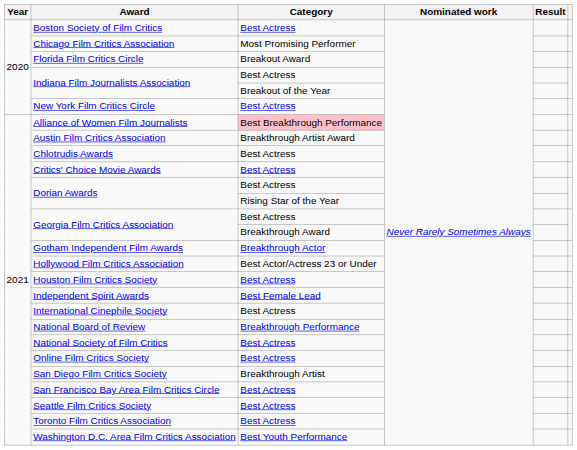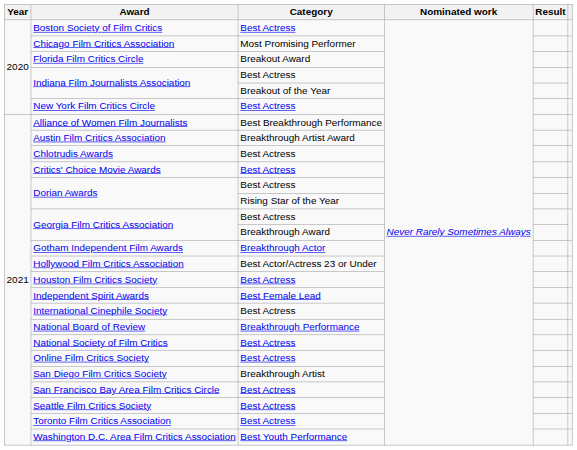 <table class="wikitable sortable">
 <tr>
 <th>Year</th>
 <th>Award</th>
 <th>Category</th>
 <th>Nominated work</th>
 <th>Result</th>
 <th></th>
 </tr>
 <tr>
 <td rowspan=6 style="text-align:center;">2020</td>
 <td><a href='#'>Boston Society of Film Critics</a></td>
 <td><a href='#'>Best Actress</a></td>
 <td rowspan=27 style="text-align: center;"><em><a href='#'>Never Rarely Sometimes Always</a></em></td>
 <td></td>
 <td style="text-align:center;"></td>
 </tr>
 <tr>
 <td><a href='#'>Chicago Film Critics Association</a></td>
 <td>Most Promising Performer</td>
 <td></td>
 <td style="text-align:center;"></td>
 </tr>
 <tr>
 <td><a href='#'>Florida Film Critics Circle</a></td>
 <td>Breakout Award</td>
 <td></td>
 <td style="text-align:center;"></td>
 </tr>
 <tr>
 <td rowspan="2"><a href='#'>Indiana Film Journalists Association</a></td>
 <td>Best Actress</td>
 <td></td>
 <td style="text-align:center;" rowspan="2"></td>
 </tr>
 <tr>
 <td>Breakout of the Year</td>
 <td></td>
 </tr>
 <tr>
 <td><a href='#'>New York Film Critics Circle</a></td>
 <td><a href='#'>Best Actress</a></td>
 <td></td>
 <td style="text-align:center;"></td>
 </tr>
 <tr>
 <td rowspan=21 style="text-align:center;">2021</td>
 <td><a href='#'>Alliance of Women Film Journalists</a></td>
-<td style="background: pink;">Best Breakthrough Performance</td>
+<td>Best Breakthrough Performance</td>
 <td></td>
 <td style="text-align:center;"></td>
 </tr>
 <tr>
 <td><a href='#'>Austin Film Critics Association</a></td>
 <td>Breakthrough Artist Award</td>
 <td></td>
 <td style="text-align: center;"></td>
 </tr>
 <tr>
 <td><a href='#'>Chlotrudis Awards</a></td>
 <td>Best Actress</td>
 <td></td>
 <td style="text-align: center;"></td>
 </tr>
 <tr>
 <td><a href='#'>Critics' Choice Movie Awards</a></td>
 <td><a href='#'>Best Actress</a></td>
 <td></td>
 <td style="text-align:center;"></td>
 </tr>
 <tr>
 <td rowspan="2"><a href='#'>Dorian Awards</a></td>
 <td>Best Actress</td>
 <td></td>
 <td rowspan="2" align="center"></td>
 </tr>
 <tr>
 <td>Rising Star of the Year</td>
 <td></td>
 </tr>
 <tr>
 <td rowspan=2><a href='#'>Georgia Film Critics Association</a></td>
 <td>Best Actress</td>
 <td></td>
 <td style="text-align:center;" rowspan="2"></td>
 </tr>
 <tr>
 <td>Breakthrough Award</td>
 <td></td>
 </tr>
 <tr>
 <td><a href='#'>Gotham Independent Film Awards</a></td>
 <td><a href='#'>Breakthrough Actor</a></td>
 <td></td>
 <td style="text-align:center;"></td>
 </tr>
 <tr>
 <td><a href='#'>Hollywood Film Critics Association</a></td>
 <td>Best Actor/Actress 23 or Under</td>
 <td></td>
 <td style="text-align:center;"></td>
 </tr>
 <tr>
 <td><a href='#'>Houston Film Critics Society</a></td>
 <td><a href='#'>Best Actress</a></td>
 <td></td>
 <td style="text-align:center;"></td>
 </tr>
 <tr>
 <td><a href='#'>Independent Spirit Awards</a></td>
 <td><a href='#'>Best Female Lead</a></td>
 <td></td>
 <td style="text-align:center;"></td>
 </tr>
 <tr>
 <td><a href='#'>International Cinephile Society</a></td>
 <td>Best Actress</td>
 <td></td>
 <td style="text-align: center;"></td>
 </tr>
 <tr>
 <td><a href='#'>National Board of Review</a></td>
 <td><a href='#'>Breakthrough Performance</a></td>
 <td></td>
 <td style="text-align:center;"></td>
 </tr>
 <tr>
 <td><a href='#'>National Society of Film Critics</a></td>
 <td><a href='#'>Best Actress</a></td>
 <td></td>
 <td style="text-align:center;"></td>
 </tr>
 <tr>
 <td><a href='#'>Online Film Critics Society</a></td>
 <td><a href='#'>Best Actress</a></td>
 <td></td>
 <td style="text-align:center;"></td>
 </tr>
 <tr>
 <td><a href='#'>San Diego Film Critics Society</a></td>
 <td>Breakthrough Artist</td>
 <td></td>
 <td style="text-align:center;"></td>
 </tr>
 <tr>
 <td><a href='#'>San Francisco Bay Area Film Critics Circle</a></td>
 <td><a href='#'>Best Actress</a></td>
 <td></td>
 <td style="text-align:center;"></td>
 </tr>
 <tr>
 <td><a href='#'>Seattle Film Critics Society</a></td>
 <td><a href='#'>Best Actress</a></td>
 <td></td>
 <td style="text-align:center;"></td>
 </tr>
 <tr>
 <td><a href='#'>Toronto Film Critics Association</a></td>
 <td><a href='#'>Best Actress</a></td>
 <td></td>
 <td style="text-align:center;"></td>
 </tr>
 <tr>
 <td><a href='#'>Washington D.C. Area Film Critics Association</a></td>
 <td><a href='#'>Best Youth Performance</a></td>
 <td></td>
 <td style="text-align:center;"></td>
 </tr>
 </table>
